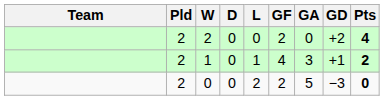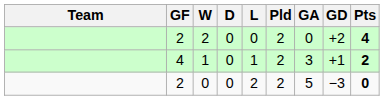 <table class="wikitable" style="text-align: center;">
 <tr>
 <th width=175>Team</th>
-<th width=20>Pld</th>
+<th width=20>GF</th>
 <th width=20>W</th>
 <th width=20>D</th>
 <th width=20>L</th>
-<th width=20>GF</th>
+<th width=20>Pld</th>
 <th width=20>GA</th>
 <th width=20>GD</th>
 <th width=20>Pts</th>
 </tr>
 <tr bgcolor=ccffcc>
 <td style="text-align:left;"></td>
 <td>2</td>
 <td>2</td>
 <td>0</td>
 <td>0</td>
 <td>2</td>
 <td>0</td>
 <td>+2</td>
 <td><strong>4</strong></td>
 </tr>
 <tr bgcolor=ccffcc>
 <td style="text-align:left;"></td>
-<td>2</td>
+<td>4</td>
 <td>1</td>
 <td>0</td>
 <td>1</td>
-<td>4</td>
+<td>2</td>
 <td>3</td>
 <td>+1</td>
 <td><strong>2</strong></td>
 </tr>
 <tr>
 <td style="text-align:left;"></td>
 <td>2</td>
 <td>0</td>
 <td>0</td>
 <td>2</td>
 <td>2</td>
 <td>5</td>
 <td>−3</td>
 <td><strong>0</strong></td>
 </tr>
 </table>
